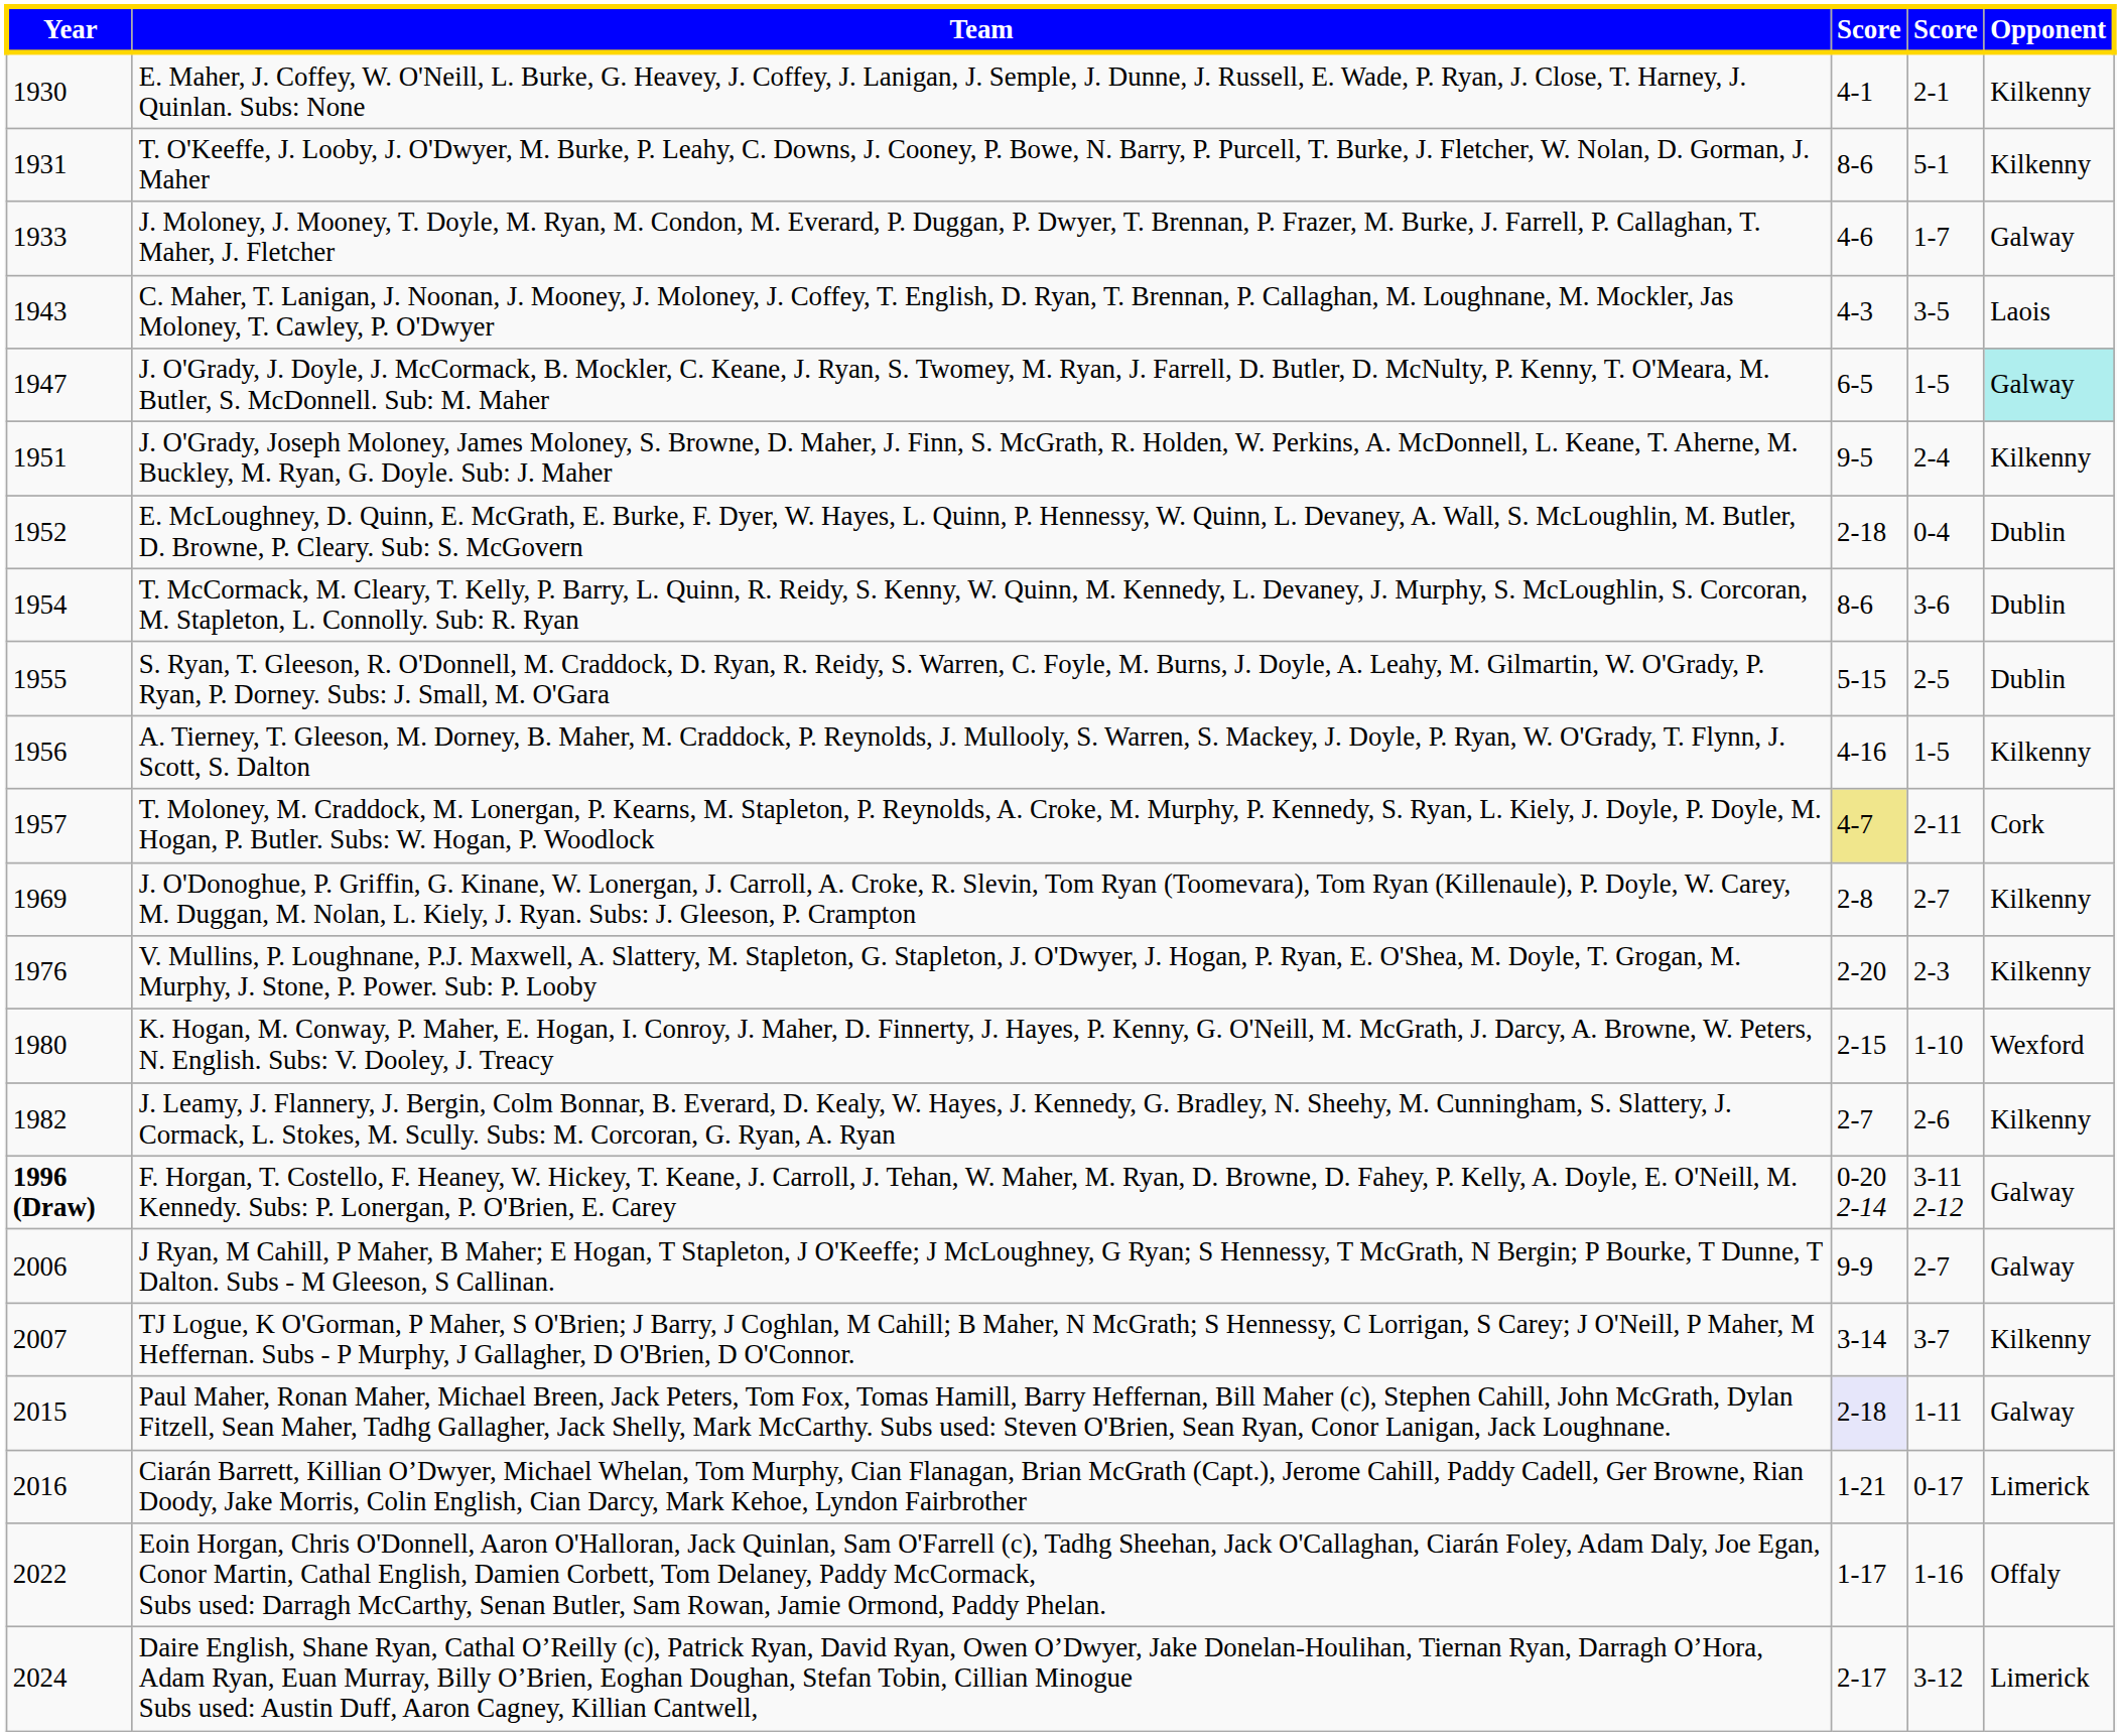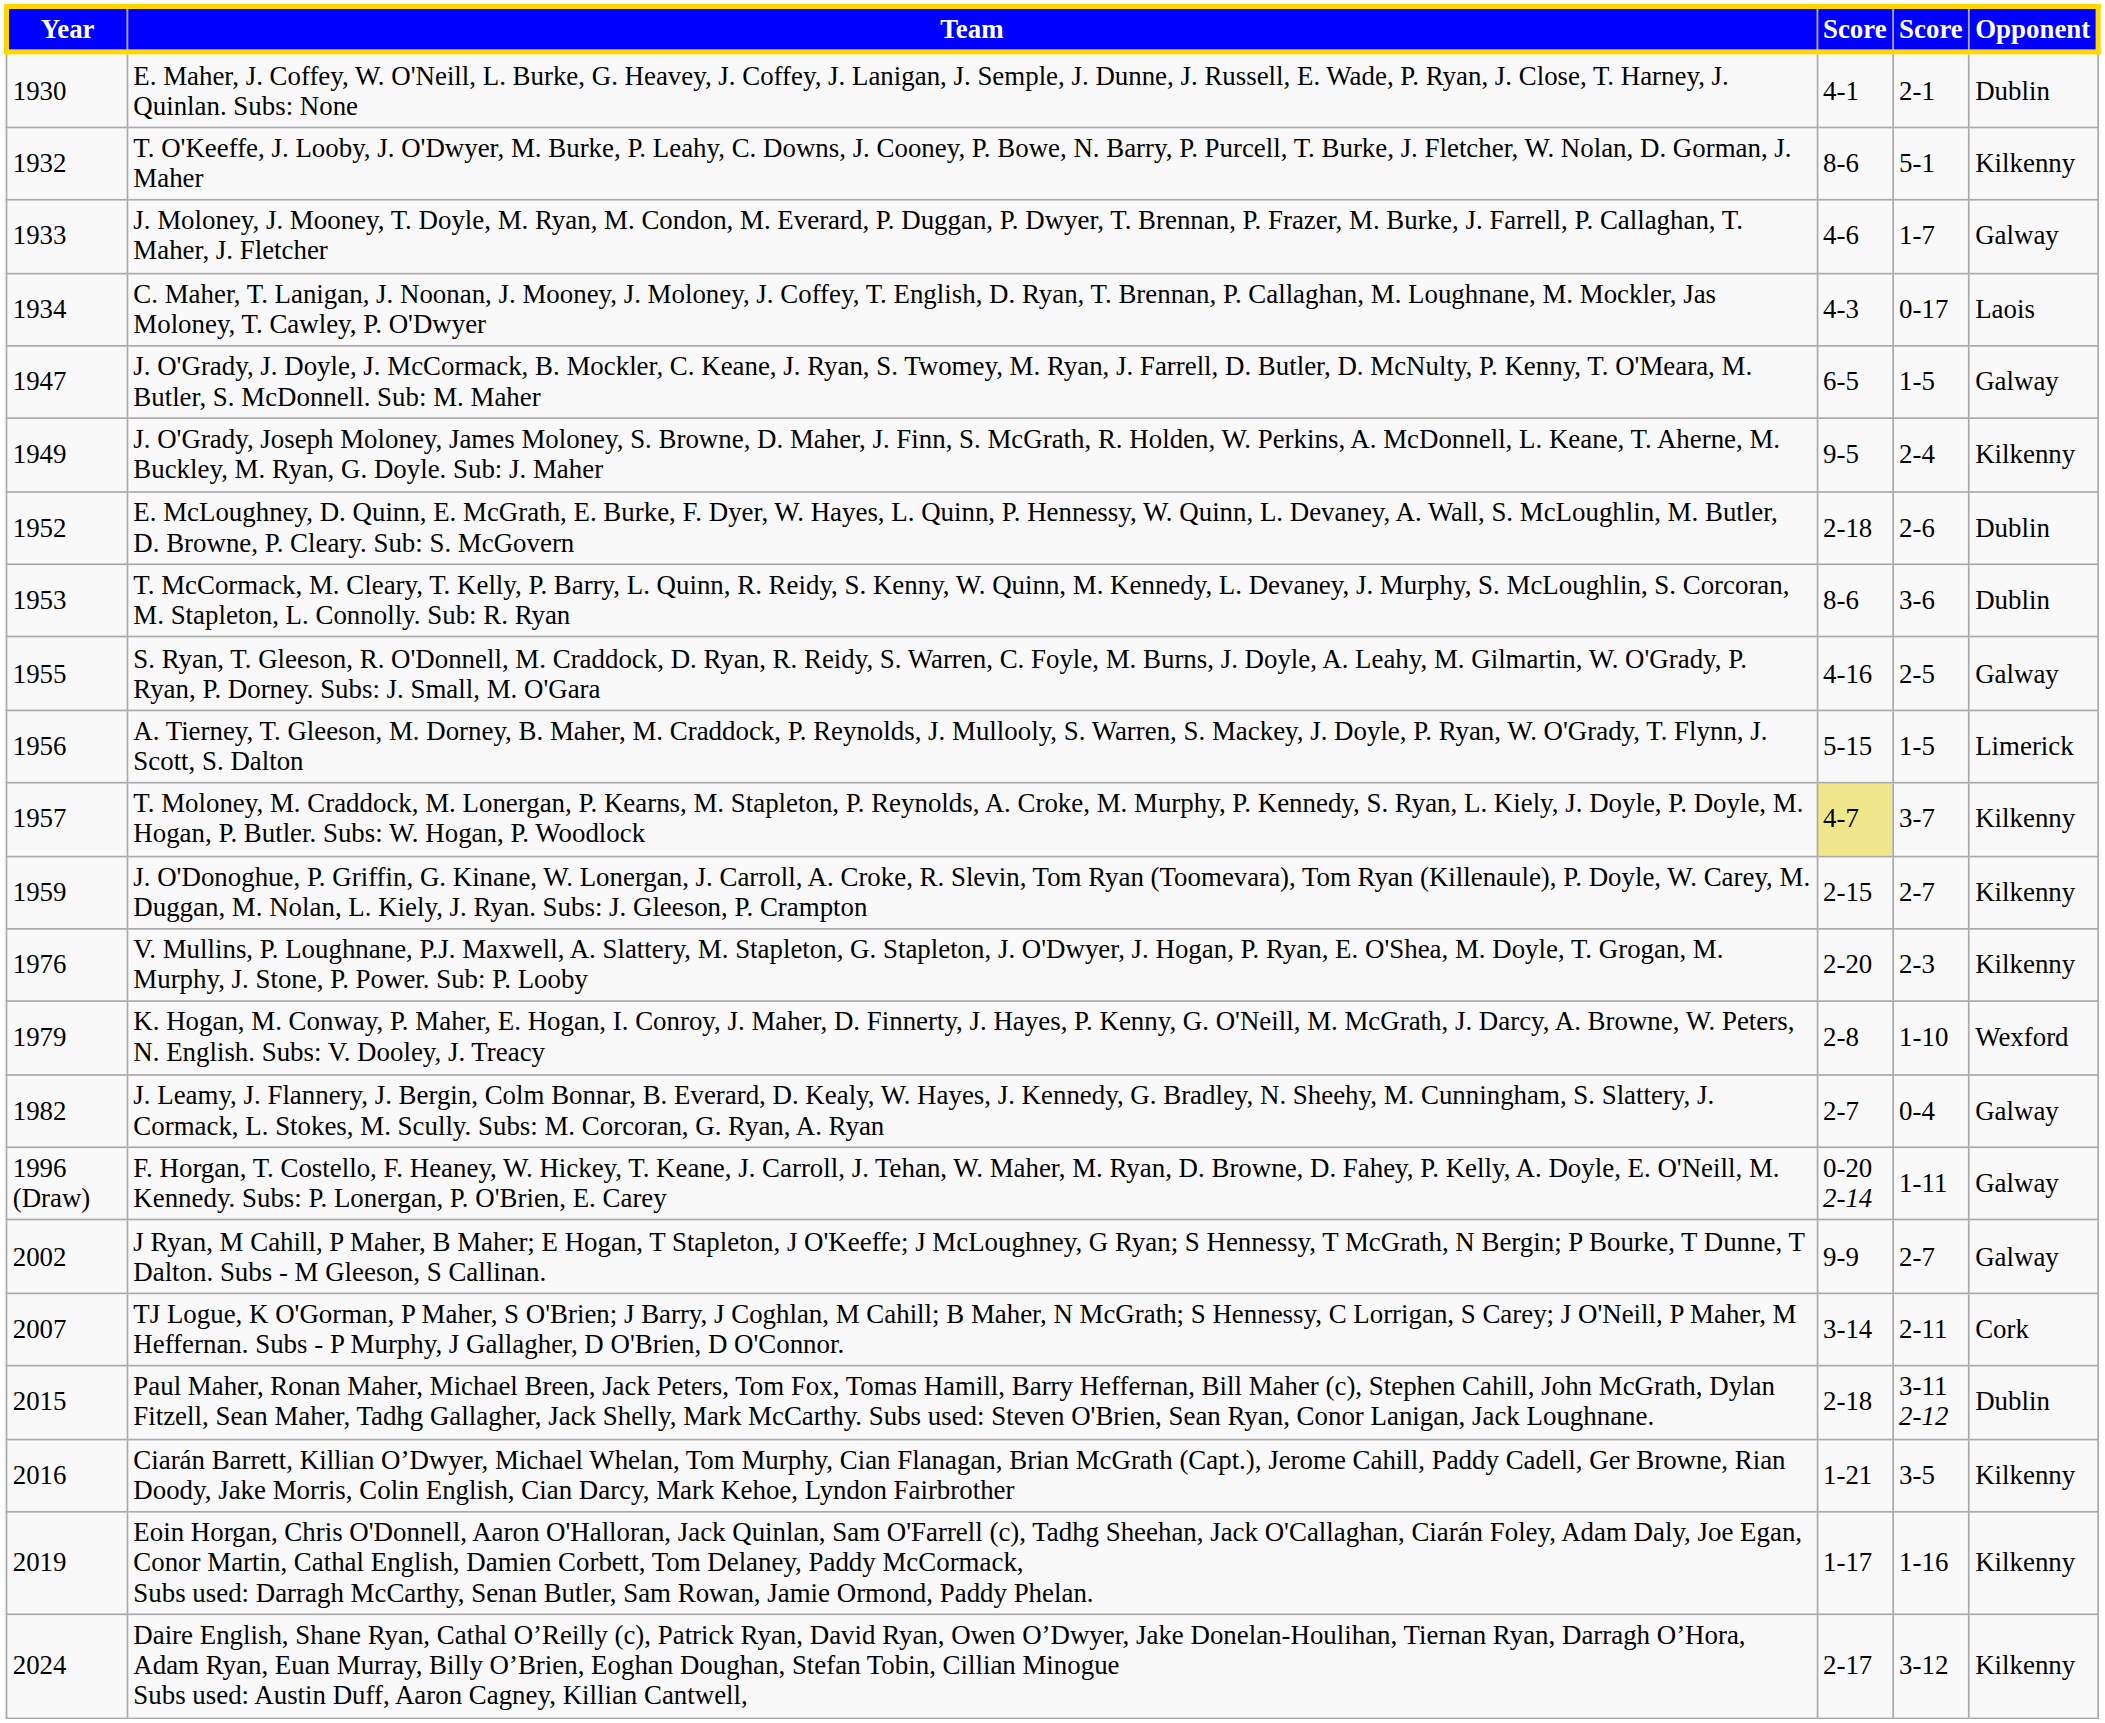 <table class="wikitable">
 <tr style="text-align:center;background:blue; color:white; border:3px solid gold">
 <td><strong>Year</strong></td>
 <td><strong>Team</strong></td>
 <td><strong>Score</strong></td>
 <td><strong>Score</strong></td>
 <td><strong>Opponent</strong></td>
 </tr>
 <tr>
 <td>1930</td>
 <td>E. Maher, J. Coffey, W. O'Neill, L. Burke, G. Heavey, J. Coffey, J. Lanigan, J. Semple, J. Dunne, J. Russell, E. Wade, P. Ryan, J. Close, T. Harney, J. Quinlan. Subs: None</td>
 <td>4-1</td>
 <td>2-1</td>
-<td>Kilkenny</td>
+<td>Dublin</td>
 </tr>
 <tr>
-<td>1931</td>
+<td>1932</td>
 <td>T. O'Keeffe, J. Looby, J. O'Dwyer, M. Burke, P. Leahy, C. Downs, J. Cooney, P. Bowe, N. Barry, P. Purcell, T. Burke, J. Fletcher, W. Nolan, D. Gorman, J. Maher</td>
 <td>8-6</td>
 <td>5-1</td>
 <td>Kilkenny</td>
 </tr>
 <tr>
 <td>1933</td>
 <td>J. Moloney, J. Mooney, T. Doyle, M. Ryan, M. Condon, M. Everard, P. Duggan, P. Dwyer, T. Brennan, P. Frazer, M. Burke, J. Farrell, P. Callaghan, T. Maher, J. Fletcher</td>
 <td>4-6</td>
 <td>1-7</td>
 <td>Galway</td>
 </tr>
 <tr>
-<td>1943</td>
+<td>1934</td>
 <td>C. Maher, T. Lanigan, J. Noonan, J. Mooney, J. Moloney, J. Coffey, T. English, D. Ryan, T. Brennan, P. Callaghan, M. Loughnane, M. Mockler, Jas Moloney, T. Cawley, P. O'Dwyer</td>
 <td>4-3</td>
-<td>3-5</td>
+<td>0-17</td>
 <td>Laois</td>
 </tr>
 <tr>
 <td>1947</td>
 <td>J. O'Grady, J. Doyle, J. McCormack, B. Mockler, C. Keane, J. Ryan, S. Twomey, M. Ryan, J. Farrell, D. Butler, D. McNulty, P. Kenny, T. O'Meara, M. Butler, S. McDonnell. Sub: M. Maher</td>
 <td>6-5</td>
 <td>1-5</td>
-<td style="background: paleturquoise;">Galway</td>
+<td>Galway</td>
 </tr>
 <tr>
-<td>1951</td>
+<td>1949</td>
 <td>J. O'Grady, Joseph Moloney, James Moloney, S. Browne, D. Maher, J. Finn, S. McGrath, R. Holden, W. Perkins, A. McDonnell, L. Keane, T. Aherne, M. Buckley, M. Ryan, G. Doyle. Sub: J. Maher</td>
 <td>9-5</td>
 <td>2-4</td>
 <td>Kilkenny</td>
 </tr>
 <tr>
 <td>1952</td>
 <td>E. McLoughney, D. Quinn, E. McGrath, E. Burke, F. Dyer, W. Hayes, L. Quinn, P. Hennessy, W. Quinn, L. Devaney, A. Wall, S. McLoughlin, M. Butler, D. Browne, P. Cleary. Sub: S. McGovern</td>
 <td>2-18</td>
-<td>0-4</td>
+<td>2-6</td>
 <td>Dublin</td>
 </tr>
 <tr>
-<td>1954</td>
+<td>1953</td>
 <td>T. McCormack, M. Cleary, T. Kelly, P. Barry, L. Quinn, R. Reidy, S. Kenny, W. Quinn, M. Kennedy, L. Devaney, J. Murphy, S. McLoughlin, S. Corcoran, M. Stapleton, L. Connolly. Sub: R. Ryan</td>
 <td>8-6</td>
 <td>3-6</td>
 <td>Dublin</td>
 </tr>
 <tr>
 <td>1955</td>
 <td>S. Ryan, T. Gleeson, R. O'Donnell, M. Craddock, D. Ryan, R. Reidy, S. Warren, C. Foyle, M. Burns, J. Doyle, A. Leahy, M. Gilmartin, W. O'Grady, P. Ryan, P. Dorney. Subs: J. Small, M. O'Gara</td>
-<td>5-15</td>
+<td>4-16</td>
 <td>2-5</td>
-<td>Dublin</td>
+<td>Galway</td>
 </tr>
 <tr>
 <td>1956</td>
 <td>A. Tierney, T. Gleeson, M. Dorney, B. Maher, M. Craddock, P. Reynolds, J. Mullooly, S. Warren, S. Mackey, J. Doyle, P. Ryan, W. O'Grady, T. Flynn, J. Scott, S. Dalton</td>
-<td>4-16</td>
+<td>5-15</td>
 <td>1-5</td>
-<td>Kilkenny</td>
+<td>Limerick</td>
 </tr>
 <tr>
 <td>1957</td>
 <td>T. Moloney, M. Craddock, M. Lonergan, P. Kearns, M. Stapleton, P. Reynolds, A. Croke, M. Murphy, P. Kennedy, S. Ryan, L. Kiely, J. Doyle, P. Doyle, M. Hogan, P. Butler. Subs: W. Hogan, P. Woodlock</td>
 <td style="background: khaki;">4-7</td>
-<td>2-11</td>
-<td>Cork</td>
+<td>3-7</td>
+<td>Kilkenny</td>
 </tr>
 <tr>
-<td>1969</td>
+<td>1959</td>
 <td>J. O'Donoghue, P. Griffin, G. Kinane, W. Lonergan, J. Carroll, A. Croke, R. Slevin, Tom Ryan (Toomevara), Tom Ryan (Killenaule), P. Doyle, W. Carey, M. Duggan, M. Nolan, L. Kiely, J. Ryan. Subs: J. Gleeson, P. Crampton</td>
-<td>2-8</td>
+<td>2-15</td>
 <td>2-7</td>
 <td>Kilkenny</td>
 </tr>
 <tr>
 <td>1976</td>
 <td>V. Mullins, P. Loughnane, P.J. Maxwell, A. Slattery, M. Stapleton, G. Stapleton, J. O'Dwyer, J. Hogan, P. Ryan, E. O'Shea, M. Doyle, T. Grogan, M. Murphy, J. Stone, P. Power. Sub: P. Looby</td>
 <td>2-20</td>
 <td>2-3</td>
 <td>Kilkenny</td>
 </tr>
 <tr>
-<td>1980</td>
+<td>1979</td>
 <td>K. Hogan, M. Conway, P. Maher, E. Hogan, I. Conroy, J. Maher, D. Finnerty, J. Hayes, P. Kenny, G. O'Neill, M. McGrath, J. Darcy, A. Browne, W. Peters, N. English. Subs: V. Dooley, J. Treacy</td>
-<td>2-15</td>
+<td>2-8</td>
 <td>1-10</td>
 <td>Wexford</td>
 </tr>
 <tr>
 <td>1982</td>
 <td>J. Leamy, J. Flannery, J. Bergin, Colm Bonnar, B. Everard, D. Kealy, W. Hayes, J. Kennedy, G. Bradley, N. Sheehy, M. Cunningham, S. Slattery, J. Cormack, L. Stokes, M. Scully. Subs: M. Corcoran, G. Ryan, A. Ryan</td>
 <td>2-7</td>
-<td>2-6</td>
-<td>Kilkenny</td>
-</tr>
-<tr>
-<td><strong>1996 (Draw)</strong></td>
-<td>F. Horgan, T. Costello, F. Heaney, W. Hickey, T. Keane, J. Carroll, J. Tehan, W. Maher, M. Ryan, D. Browne, D. Fahey, P. Kelly, A. Doyle, E. O'Neill, M. Kennedy. Subs: P. Lonergan, P. O'Brien, E. Carey</td>
-<td>0-20<br><em>2-14</em></td>
-<td>3-11<br><em>2-12</em></td>
+<td>0-4</td>
 <td>Galway</td>
 </tr>
 <tr>
-<td>2006</td>
+<td>1996 (Draw)</td>
+<td>F. Horgan, T. Costello, F. Heaney, W. Hickey, T. Keane, J. Carroll, J. Tehan, W. Maher, M. Ryan, D. Browne, D. Fahey, P. Kelly, A. Doyle, E. O'Neill, M. Kennedy. Subs: P. Lonergan, P. O'Brien, E. Carey</td>
+<td>0-20<br><em>2-14</em></td>
+<td>1-11</td>
+<td>Galway</td>
+</tr>
+<tr>
+<td>2002</td>
 <td>J Ryan, M Cahill, P Maher, B Maher; E Hogan, T Stapleton, J O'Keeffe; J McLoughney, G Ryan; S Hennessy, T McGrath, N Bergin; P Bourke, T Dunne, T Dalton. Subs - M Gleeson,  S Callinan.</td>
 <td>9-9</td>
 <td>2-7</td>
 <td>Galway</td>
 </tr>
 <tr>
 <td>2007</td>
 <td>TJ Logue, K O'Gorman, P Maher, S O'Brien; J Barry, J Coghlan, M Cahill; B Maher, N McGrath; S Hennessy, C Lorrigan, S Carey; J O'Neill, P Maher, M Heffernan. Subs - P Murphy, J Gallagher, D O'Brien, D O'Connor.</td>
 <td>3-14</td>
-<td>3-7</td>
-<td>Kilkenny</td>
+<td>2-11</td>
+<td>Cork</td>
 </tr>
 <tr>
 <td>2015</td>
 <td>Paul Maher, Ronan Maher, Michael Breen, Jack Peters, Tom Fox, Tomas Hamill, Barry Heffernan, Bill Maher (c), Stephen Cahill, John McGrath, Dylan Fitzell, Sean Maher, Tadhg Gallagher, Jack Shelly, Mark McCarthy. Subs used: Steven O'Brien, Sean Ryan, Conor Lanigan, Jack Loughnane.</td>
-<td style="background: lavender;">2-18</td>
-<td>1-11</td>
-<td>Galway</td>
+<td>2-18</td>
+<td>3-11<br><em>2-12</em></td>
+<td>Dublin</td>
 </tr>
 <tr>
 <td>2016</td>
 <td>Ciarán Barrett, Killian O’Dwyer, Michael Whelan, Tom Murphy, Cian Flanagan, Brian McGrath (Capt.), Jerome Cahill, Paddy Cadell, Ger Browne, Rian Doody, Jake Morris, Colin English, Cian Darcy, Mark Kehoe, Lyndon Fairbrother</td>
 <td>1-21</td>
-<td>0-17</td>
-<td>Limerick</td>
+<td>3-5</td>
+<td>Kilkenny</td>
 </tr>
 <tr>
-<td>2022</td>
+<td>2019</td>
 <td>Eoin Horgan, Chris O'Donnell, Aaron O'Halloran, Jack Quinlan, Sam O'Farrell (c), Tadhg Sheehan, Jack O'Callaghan, Ciarán Foley, Adam Daly, Joe Egan, Conor Martin, Cathal English, Damien Corbett, Tom Delaney, Paddy McCormack,<br>Subs used: Darragh McCarthy, Senan Butler, Sam Rowan, Jamie Ormond, Paddy Phelan.</td>
 <td>1-17</td>
 <td>1-16</td>
-<td>Offaly</td>
+<td>Kilkenny</td>
 </tr>
 <tr>
 <td>2024</td>
 <td>Daire English, Shane Ryan, Cathal O’Reilly (c), Patrick Ryan, David Ryan, Owen O’Dwyer, Jake Donelan-Houlihan, Tiernan Ryan, Darragh O’Hora, Adam Ryan, Euan Murray, Billy O’Brien, Eoghan Doughan, Stefan Tobin, Cillian Minogue<br>Subs used: Austin Duff, Aaron Cagney, Killian Cantwell,</td>
 <td>2-17</td>
 <td>3-12</td>
-<td>Limerick</td>
+<td>Kilkenny</td>
 </tr>
 </table>
